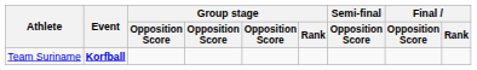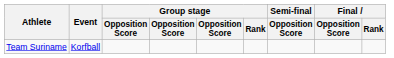 <table class="wikitable" style="font-size:90%">
 <tr>
 <th rowspan=2>Athlete</th>
 <th rowspan=2>Event</th>
 <th colspan=4>Group stage</th>
 <th>Semi-final</th>
 <th colspan=2>Final / </th>
 </tr>
 <tr style="font-size:95%">
 <th>Opposition<br>Score</th>
 <th>Opposition<br>Score</th>
 <th>Opposition<br>Score</th>
 <th>Rank</th>
 <th>Opposition<br>Score</th>
 <th>Opposition<br>Score</th>
 <th>Rank</th>
 </tr>
 <tr align=center>
 <td align=left><a href='#'>Team Suriname</a></td>
-<td align=left><strong><a href='#'>Korfball</a></strong></td>
+<td align=left><a href='#'>Korfball</a></td>
 <td></td>
 <td></td>
 <td></td>
 <td></td>
 <td></td>
 <td></td>
 <td></td>
 </tr>
 </table>
